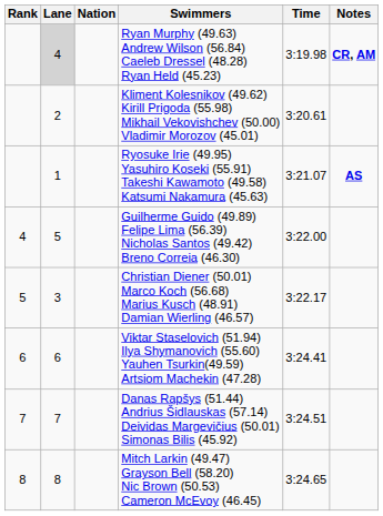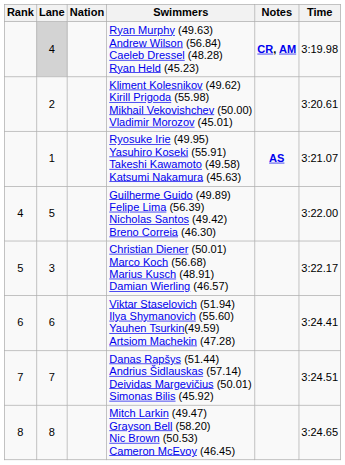 <table class="wikitable sortable" style="text-align:center">
 <tr>
 <th>Rank</th>
 <th>Lane</th>
 <th>Nation</th>
 <th>Swimmers</th>
+<th>Notes</th>
 <th>Time</th>
-<th>Notes</th>
 </tr>
 <tr>
 <td></td>
 <td style="background: lightgrey;">4</td>
 <td align=left></td>
 <td align=left><a href='#'>Ryan Murphy</a> (49.63)<br><a href='#'>Andrew Wilson</a> (56.84)<br><a href='#'>Caeleb Dressel</a> (48.28)<br><a href='#'>Ryan Held</a> (45.23)</td>
+<td><strong><a href='#'>CR</a>, <a href='#'>AM</a></strong></td>
 <td>3:19.98</td>
-<td><strong><a href='#'>CR</a>, <a href='#'>AM</a></strong></td>
 </tr>
 <tr>
 <td></td>
 <td>2</td>
 <td align=left></td>
 <td align=left><a href='#'>Kliment Kolesnikov</a> (49.62)<br><a href='#'>Kirill Prigoda</a> (55.98)<br><a href='#'>Mikhail Vekovishchev</a> (50.00)<br><a href='#'>Vladimir Morozov</a> (45.01)</td>
+<td></td>
 <td>3:20.61</td>
-<td></td>
 </tr>
 <tr>
 <td></td>
 <td>1</td>
 <td align=left></td>
 <td align=left><a href='#'>Ryosuke Irie</a> (49.95)<br><a href='#'>Yasuhiro Koseki</a> (55.91)<br><a href='#'>Takeshi Kawamoto</a> (49.58)<br><a href='#'>Katsumi Nakamura</a> (45.63)</td>
+<td><strong><a href='#'>AS</a></strong></td>
 <td>3:21.07</td>
-<td><strong><a href='#'>AS</a></strong></td>
 </tr>
 <tr>
 <td>4</td>
 <td>5</td>
 <td align=left></td>
 <td align=left><a href='#'>Guilherme Guido</a> (49.89)<br><a href='#'>Felipe Lima</a> (56.39)<br><a href='#'>Nicholas Santos</a> (49.42)<br><a href='#'>Breno Correia</a> (46.30)</td>
+<td></td>
 <td>3:22.00</td>
-<td></td>
 </tr>
 <tr>
 <td>5</td>
 <td>3</td>
 <td align=left></td>
 <td align=left><a href='#'>Christian Diener</a> (50.01)<br><a href='#'>Marco Koch</a> (56.68)<br><a href='#'>Marius Kusch</a> (48.91)<br><a href='#'>Damian Wierling</a> (46.57)</td>
+<td></td>
 <td>3:22.17</td>
-<td></td>
 </tr>
 <tr>
 <td>6</td>
 <td>6</td>
 <td align=left></td>
 <td align=left><a href='#'>Viktar Staselovich</a> (51.94)<br><a href='#'>Ilya Shymanovich</a> (55.60)<br><a href='#'>Yauhen Tsurkin</a>(49.59)<br><a href='#'>Artsiom Machekin</a> (47.28)</td>
+<td></td>
 <td>3:24.41</td>
-<td></td>
 </tr>
 <tr>
 <td>7</td>
 <td>7</td>
 <td align=left></td>
 <td align=left><a href='#'>Danas Rapšys</a> (51.44)<br><a href='#'>Andrius Šidlauskas</a> (57.14)<br><a href='#'>Deividas Margevičius</a> (50.01)<br><a href='#'>Simonas Bilis</a> (45.92)</td>
+<td></td>
 <td>3:24.51</td>
-<td></td>
 </tr>
 <tr>
 <td>8</td>
 <td>8</td>
 <td align=left></td>
 <td align=left><a href='#'>Mitch Larkin</a> (49.47)<br><a href='#'>Grayson Bell</a> (58.20)<br><a href='#'>Nic Brown</a> (50.53)<br><a href='#'>Cameron McEvoy</a> (46.45)</td>
+<td></td>
 <td>3:24.65</td>
-<td></td>
 </tr>
 </table>
